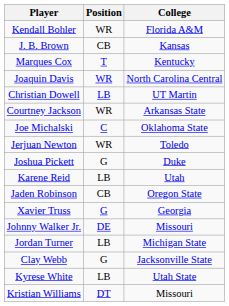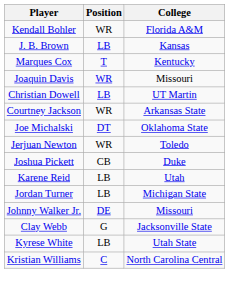 <table class="wikitable" style="text-align:center">
 <tr>
 <th>Player</th>
 <th>Position</th>
 <th>College</th>
 </tr>
 <tr>
 <td><a href='#'>Kendall Bohler</a></td>
 <td>WR</td>
 <td><a href='#'>Florida A&M</a></td>
 </tr>
 <tr>
 <td><a href='#'>J. B. Brown</a></td>
-<td>CB</td>
+<td><a href='#'>LB</a></td>
 <td><a href='#'>Kansas</a></td>
 </tr>
 <tr>
 <td><a href='#'>Marques Cox</a></td>
 <td><a href='#'>T</a></td>
 <td><a href='#'>Kentucky</a></td>
 </tr>
 <tr>
 <td><a href='#'>Joaquin Davis</a></td>
 <td><a href='#'>WR</a></td>
-<td><a href='#'>North Carolina Central</a></td>
+<td>Missouri</td>
 </tr>
 <tr>
 <td><a href='#'>Christian Dowell</a></td>
 <td><a href='#'>LB</a></td>
 <td><a href='#'>UT Martin</a></td>
 </tr>
 <tr>
 <td><a href='#'>Courtney Jackson</a></td>
 <td>WR</td>
 <td><a href='#'>Arkansas State</a></td>
 </tr>
 <tr>
 <td><a href='#'>Joe Michalski</a></td>
-<td><a href='#'>C</a></td>
+<td><a href='#'>DT</a></td>
 <td><a href='#'>Oklahoma State</a></td>
 </tr>
 <tr>
 <td><a href='#'>Jerjuan Newton</a></td>
 <td>WR</td>
 <td><a href='#'>Toledo</a></td>
 </tr>
 <tr>
 <td><a href='#'>Joshua Pickett</a></td>
-<td>G</td>
+<td>CB</td>
 <td><a href='#'>Duke</a></td>
 </tr>
 <tr>
 <td><a href='#'>Karene Reid</a></td>
 <td>LB</td>
 <td><a href='#'>Utah</a></td>
 </tr>
 <tr>
-<td><a href='#'>Jaden Robinson</a></td>
-<td>CB</td>
-<td><a href='#'>Oregon State</a></td>
-</tr>
-<tr>
-<td><a href='#'>Xavier Truss</a></td>
-<td><a href='#'>G</a></td>
-<td><a href='#'>Georgia</a></td>
+<td><a href='#'>Jordan Turner</a></td>
+<td>LB</td>
+<td><a href='#'>Michigan State</a></td>
 </tr>
 <tr>
 <td><a href='#'>Johnny Walker Jr.</a></td>
 <td><a href='#'>DE</a></td>
 <td><a href='#'>Missouri</a></td>
-</tr>
-<tr>
-<td><a href='#'>Jordan Turner</a></td>
-<td>LB</td>
-<td><a href='#'>Michigan State</a></td>
 </tr>
 <tr>
 <td><a href='#'>Clay Webb</a></td>
 <td>G</td>
 <td><a href='#'>Jacksonville State</a></td>
 </tr>
 <tr>
 <td><a href='#'>Kyrese White</a></td>
 <td>LB</td>
 <td><a href='#'>Utah State</a></td>
 </tr>
 <tr>
 <td><a href='#'>Kristian Williams</a></td>
-<td><a href='#'>DT</a></td>
-<td>Missouri</td>
+<td><a href='#'>C</a></td>
+<td><a href='#'>North Carolina Central</a></td>
 </tr>
 </table>
